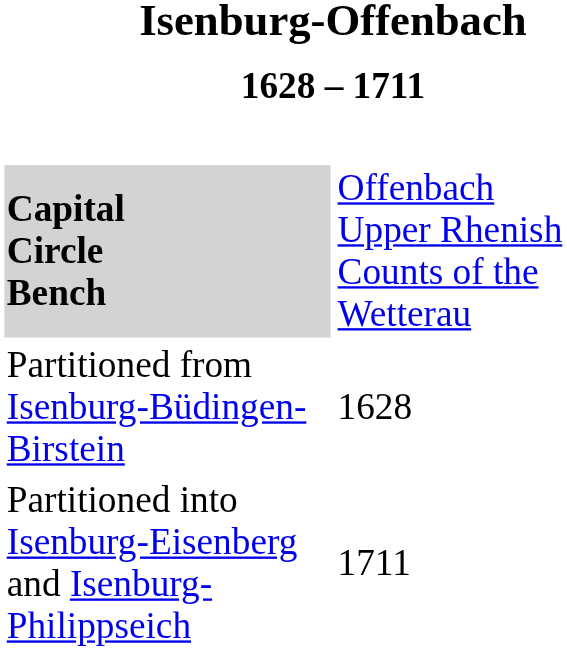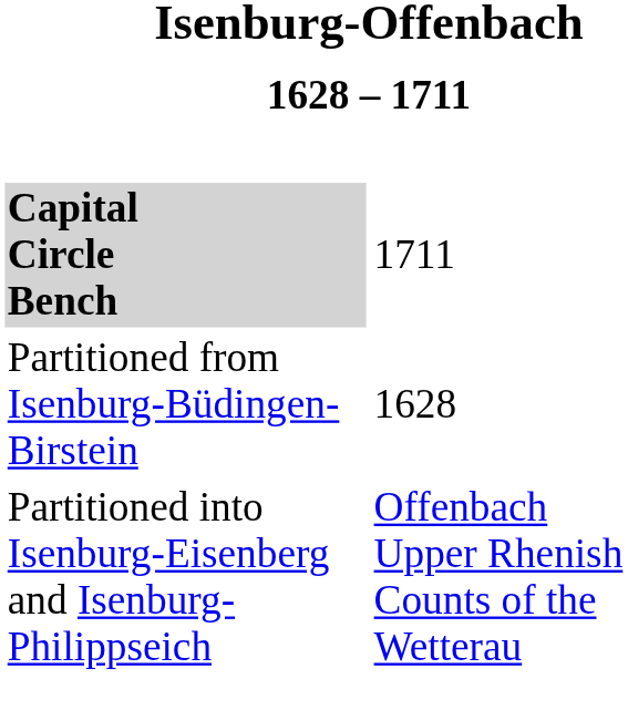 <table align="right" class="toccolours">
 <tr>
 <td colspan=2 align="center"><big><strong>Isenburg-Offenbach</strong></big></td>
 </tr>
 <tr>
 <td colspan=2 align="center"></td>
 </tr>
 <tr>
 <td colspan=2 align="center"><strong>1628 – 1711</strong></td>
 </tr>
 <tr>
 <td><br></td>
 </tr>
 <tr>
 <td width=138px style="background: lightgrey;"><strong>Capital<br>Circle<br>Bench</strong></td>
-<td width=138px><a href='#'>Offenbach</a><br><a href='#'>Upper Rhenish</a><br><a href='#'>Counts of the Wetterau</a></td>
+<td>1711</td>
 </tr>
 <tr>
 <td>Partitioned from <a href='#'>Isenburg-Büdingen-Birstein</a></td>
 <td>1628</td>
 </tr>
 <tr>
 <td>Partitioned into <a href='#'>Isenburg-Eisenberg</a> and <a href='#'>Isenburg-Philippseich</a></td>
-<td>1711</td>
+<td width=138px><a href='#'>Offenbach</a><br><a href='#'>Upper Rhenish</a><br><a href='#'>Counts of the Wetterau</a></td>
 </tr>
 <tr>
 </tr>
 </table>
